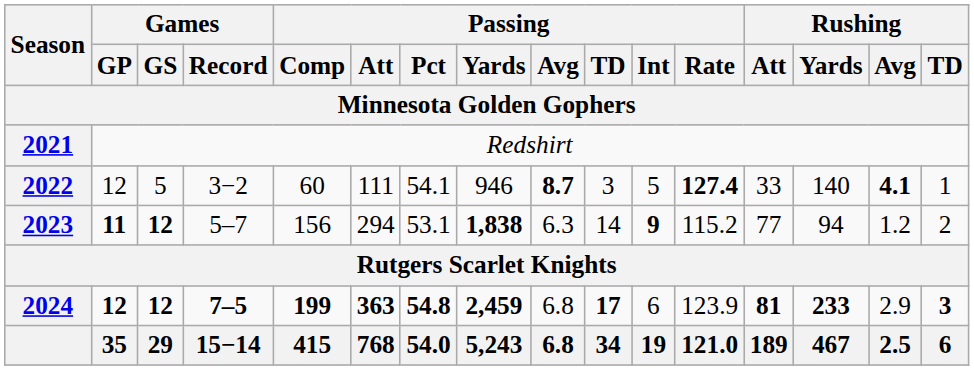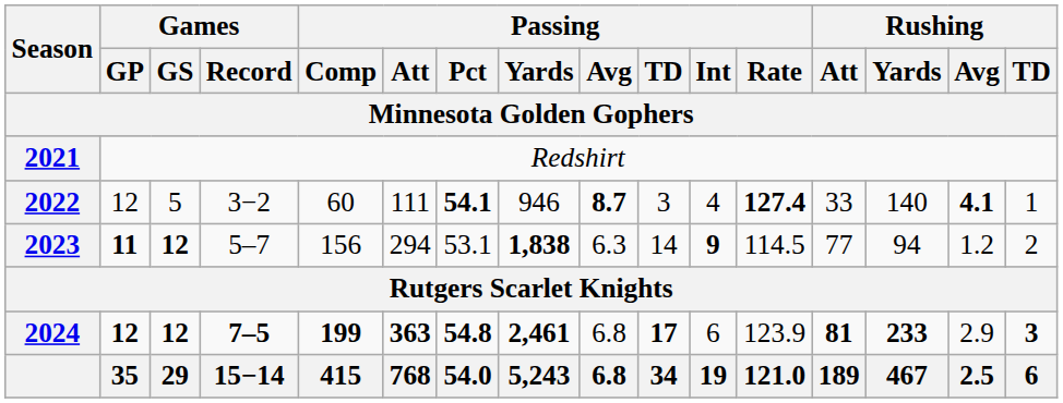 <table class="wikitable" style="text-align:center;">
 <tr>
 <th rowspan="2">Season</th>
 <th colspan="3">Games</th>
 <th colspan="8">Passing</th>
 <th colspan="5">Rushing</th>
 </tr>
 <tr>
 <th>GP</th>
 <th>GS</th>
 <th>Record</th>
 <th>Comp</th>
 <th>Att</th>
 <th>Pct</th>
 <th>Yards</th>
 <th>Avg</th>
 <th>TD</th>
 <th>Int</th>
 <th>Rate</th>
 <th>Att</th>
 <th>Yards</th>
 <th>Avg</th>
 <th>TD</th>
 </tr>
 <tr>
 <th colspan="16">Minnesota Golden Gophers</th>
 </tr>
 <tr>
 <th><a href='#'>2021</a></th>
 <td colspan="15"><em>Redshirt </em></td>
 </tr>
 <tr>
 <th><a href='#'>2022</a></th>
 <td>12</td>
 <td>5</td>
 <td>3−2</td>
 <td>60</td>
 <td>111</td>
-<td>54.1</td>
+<td><strong>54.1</strong></td>
 <td>946</td>
 <td><strong>8.7</strong></td>
 <td>3</td>
-<td>5</td>
+<td>4</td>
 <td><strong>127.4</strong></td>
 <td>33</td>
 <td>140</td>
 <td><strong>4.1</strong></td>
 <td>1</td>
 </tr>
 <tr>
 <th><a href='#'>2023</a></th>
 <td><strong>11</strong></td>
 <td><strong>12</strong></td>
 <td>5–7</td>
 <td>156</td>
 <td>294</td>
 <td>53.1</td>
 <td><strong>1,838</strong></td>
 <td>6.3</td>
 <td>14</td>
 <td><strong>9</strong></td>
-<td>115.2</td>
+<td>114.5</td>
 <td>77</td>
 <td>94</td>
 <td>1.2</td>
 <td>2</td>
 </tr>
 <tr>
 <th colspan="16">Rutgers Scarlet Knights</th>
 </tr>
 <tr>
 <th><a href='#'>2024</a></th>
 <td><strong>12</strong></td>
 <td><strong>12</strong></td>
 <td><strong>7–5</strong></td>
 <td><strong>199</strong></td>
 <td><strong>363</strong></td>
 <td><strong>54.8</strong></td>
-<td><strong>2,459</strong></td>
+<td><strong>2,461</strong></td>
 <td>6.8</td>
 <td><strong>17</strong></td>
 <td>6</td>
 <td>123.9</td>
 <td><strong>81</strong></td>
 <td><strong>233</strong></td>
 <td>2.9</td>
 <td><strong>3</strong></td>
 </tr>
 <tr>
 <th></th>
 <th>35</th>
 <th>29</th>
 <th>15−14</th>
 <th>415</th>
 <th>768</th>
 <th>54.0</th>
 <th>5,243</th>
 <th>6.8</th>
 <th>34</th>
 <th>19</th>
 <th>121.0</th>
 <th>189</th>
 <th>467</th>
 <th>2.5</th>
 <th>6</th>
 </tr>
 </table>
